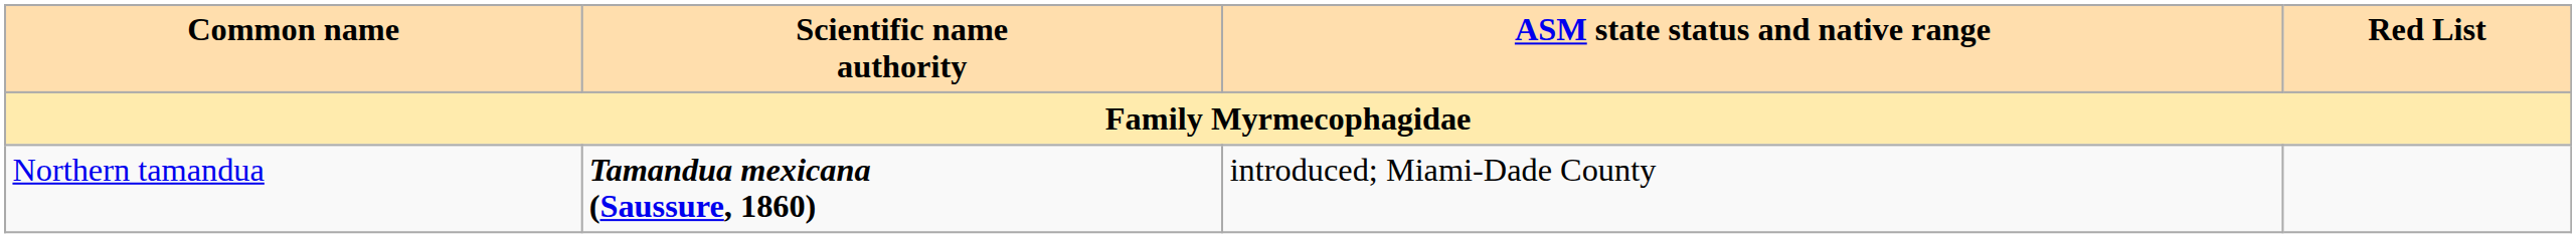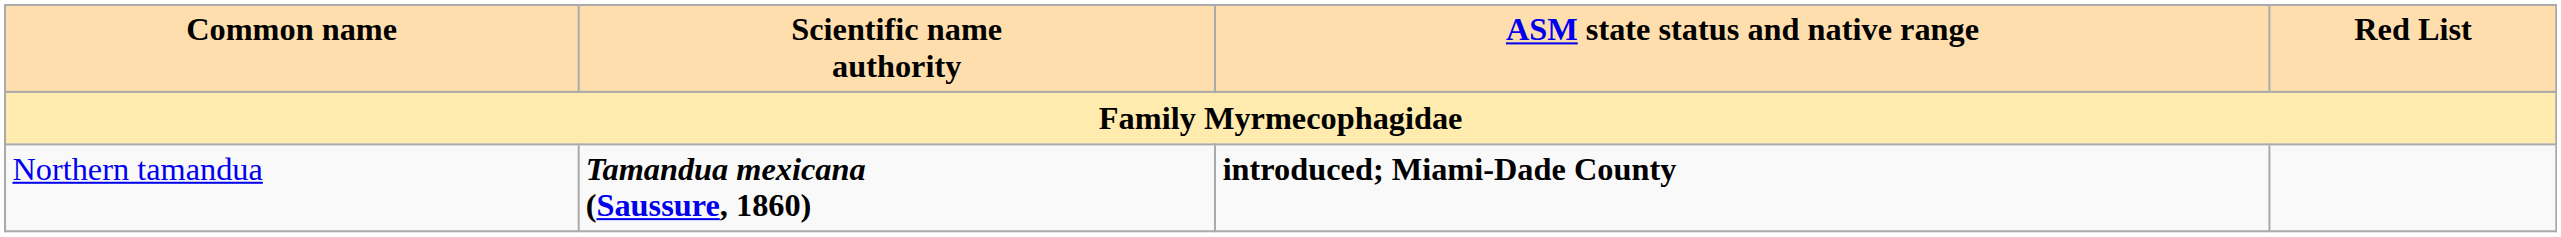 <table class="wikitable" style="width:100%; text-align:left;">
 <tr valign="top">
 <th style=background:navajowhite>Common name<br></th>
 <th style=background:navajowhite>Scientific name<br>authority</th>
 <th style=background:navajowhite><a href='#'>ASM</a> state status and native range</th>
 <th style=background:navajowhite>Red List</th>
 </tr>
 <tr>
 <td style="text-align:center;" bgcolor="#ffebad" colspan=5><strong>Family Myrmecophagidae</strong></td>
 </tr>
 <tr valign="top">
 <td><a href='#'>Northern tamandua</a><br></td>
 <td><strong><em>Tamandua mexicana</em><br> (<a href='#'>Saussure</a>, 1860)</strong></td>
-<td>introduced; Miami-Dade County</td>
+<td><strong>introduced; Miami-Dade County</strong></td>
 <td><br></td>
 </tr>
 </table>
